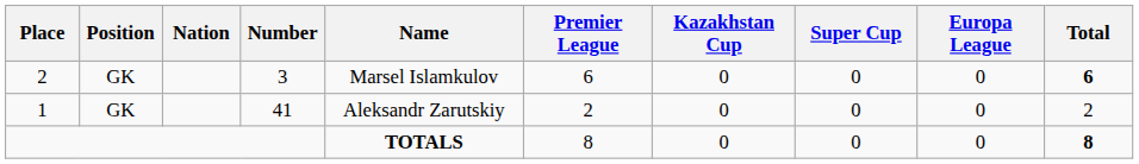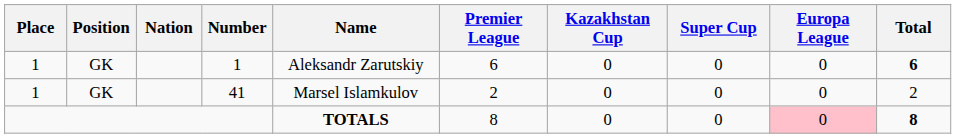 <table class="wikitable" style="font-size: 95%; text-align: center;">
 <tr>
 <th width=60>Place</th>
 <th width=60>Position</th>
 <th width=60>Nation</th>
 <th width=60>Number</th>
 <th width=200>Name</th>
 <th width=120><a href='#'>Premier League</a></th>
 <th width=120><a href='#'>Kazakhstan Cup</a></th>
 <th width=120><a href='#'>Super Cup</a></th>
 <th width=120><a href='#'>Europa League</a></th>
 <th width=80>Total</th>
 </tr>
 <tr>
-<td>2</td>
+<td>1</td>
 <td>GK</td>
 <td></td>
-<td>3</td>
-<td>Marsel Islamkulov</td>
+<td>1</td>
+<td>Aleksandr Zarutskiy</td>
 <td>6</td>
 <td>0</td>
 <td>0</td>
 <td>0</td>
 <td><strong>6</strong></td>
 </tr>
 <tr>
 <td>1</td>
 <td>GK</td>
 <td></td>
 <td>41</td>
-<td>Aleksandr Zarutskiy</td>
+<td>Marsel Islamkulov</td>
 <td>2</td>
 <td>0</td>
 <td>0</td>
 <td>0</td>
 <td>2</td>
 </tr>
 <tr>
 <td colspan="4"></td>
 <td><strong>TOTALS</strong></td>
 <td>8</td>
 <td>0</td>
 <td>0</td>
-<td>0</td>
+<td style="background: pink;">0</td>
 <td><strong>8</strong></td>
 </tr>
 </table>
